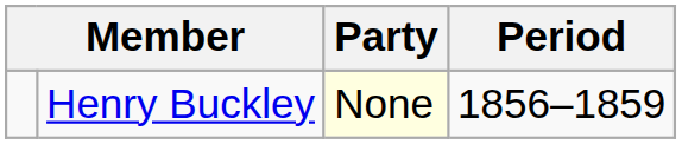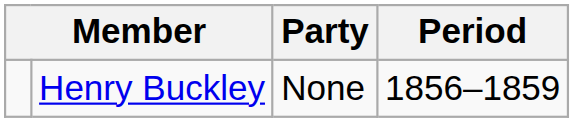 <table class="wikitable">
 <tr>
 <th colspan="2">Member</th>
 <th>Party</th>
 <th>Period</th>
 </tr>
 <tr>
 <td> </td>
 <td><a href='#'>Henry Buckley</a></td>
-<td style="background: lightyellow;">None</td>
+<td>None</td>
 <td>1856–1859</td>
 </tr>
 </table>
